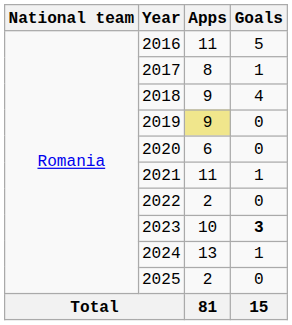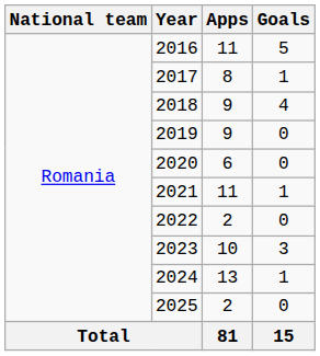 <table class="wikitable" style="text-align:center">
 <tr>
 <th>National team</th>
 <th>Year</th>
 <th>Apps</th>
 <th>Goals</th>
 </tr>
 <tr>
 <td rowspan="10"><a href='#'>Romania</a></td>
 <td>2016</td>
 <td>11</td>
 <td>5</td>
 </tr>
 <tr>
 <td>2017</td>
 <td>8</td>
 <td>1</td>
 </tr>
 <tr>
 <td>2018</td>
 <td>9</td>
 <td>4</td>
 </tr>
 <tr>
 <td>2019</td>
-<td style="background: khaki;">9</td>
+<td>9</td>
 <td>0</td>
 </tr>
 <tr>
 <td>2020</td>
 <td>6</td>
 <td>0</td>
 </tr>
 <tr>
 <td>2021</td>
 <td>11</td>
 <td>1</td>
 </tr>
 <tr>
 <td>2022</td>
 <td>2</td>
 <td>0</td>
 </tr>
 <tr>
 <td>2023</td>
 <td>10</td>
-<td><strong>3</strong></td>
+<td>3</td>
 </tr>
 <tr>
 <td>2024</td>
 <td>13</td>
 <td>1</td>
 </tr>
 <tr>
 <td>2025</td>
 <td>2</td>
 <td>0</td>
 </tr>
 <tr>
 <th colspan="2">Total</th>
 <th>81</th>
 <th>15</th>
 </tr>
 </table>
